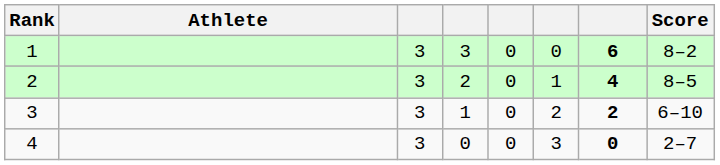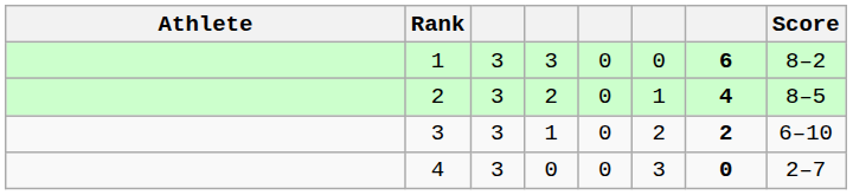 <table class="wikitable" style="text-align: center;">
 <tr>
+<th width=225>Athlete</th>
 <th width=25>Rank</th>
-<th width=225>Athlete</th>
 <th width=25></th>
 <th width=25></th>
 <th width=25></th>
 <th width=25></th>
 <th width=40></th>
 <th width=40>Score</th>
 </tr>
 <tr bgcolor=ccffcc>
+<td align=left></td>
 <td>1</td>
-<td align=left></td>
 <td>3</td>
 <td>3</td>
 <td>0</td>
 <td>0</td>
 <td><strong>6</strong></td>
 <td>8–2</td>
 </tr>
 <tr bgcolor=ccffcc>
+<td align=left></td>
 <td>2</td>
-<td align=left></td>
 <td>3</td>
 <td>2</td>
 <td>0</td>
 <td>1</td>
 <td><strong>4</strong></td>
 <td>8–5</td>
 </tr>
 <tr>
+<td align=left></td>
 <td>3</td>
-<td align=left></td>
 <td>3</td>
 <td>1</td>
 <td>0</td>
 <td>2</td>
 <td><strong>2</strong></td>
 <td>6–10</td>
 </tr>
 <tr>
+<td align=left></td>
 <td>4</td>
-<td align=left></td>
 <td>3</td>
 <td>0</td>
 <td>0</td>
 <td>3</td>
 <td><strong>0</strong></td>
 <td>2–7</td>
 </tr>
 </table>
